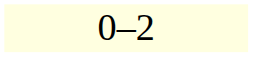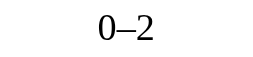 <table style="text-align:center">
 <tr>
 <th width=200></th>
 <th width=100></th>
 <th width=200></th>
 </tr>
 <tr>
 <td align=right></td>
-<td style="background: lightyellow;">0–2</td>
+<td>0–2</td>
 <td align=left></td>
 </tr>
 <tr>
 </tr>
 </table>
